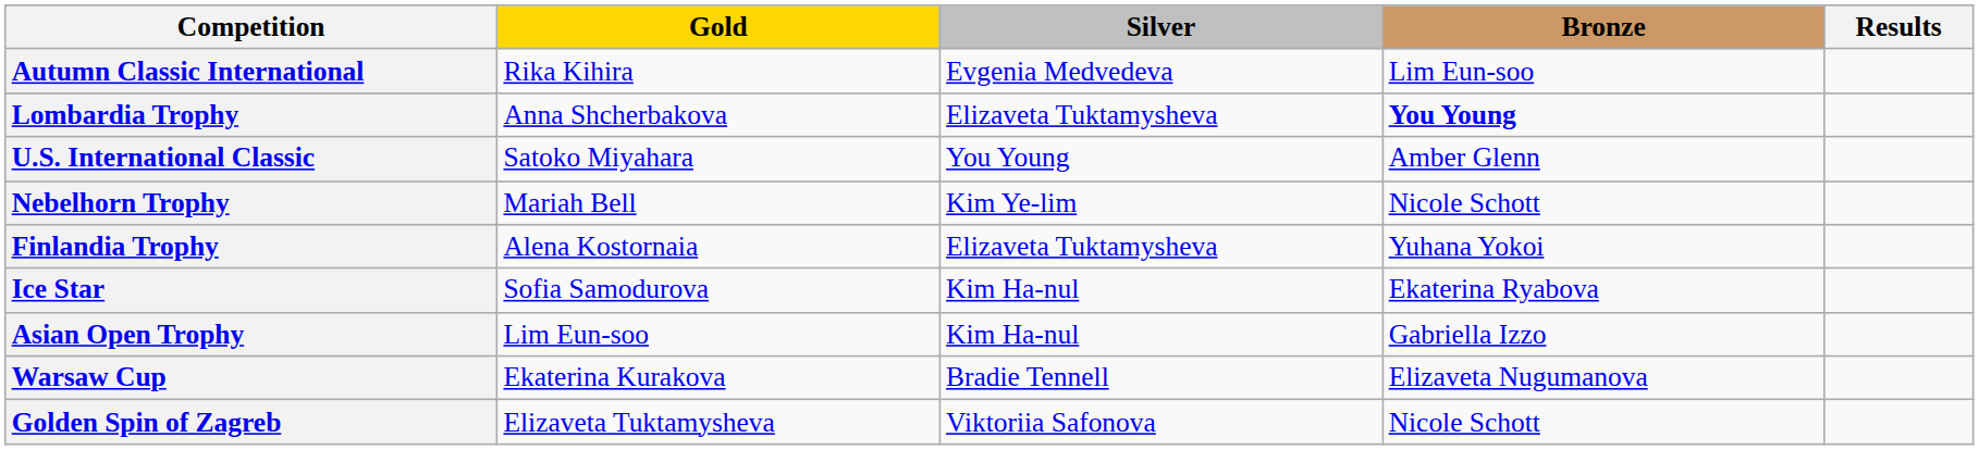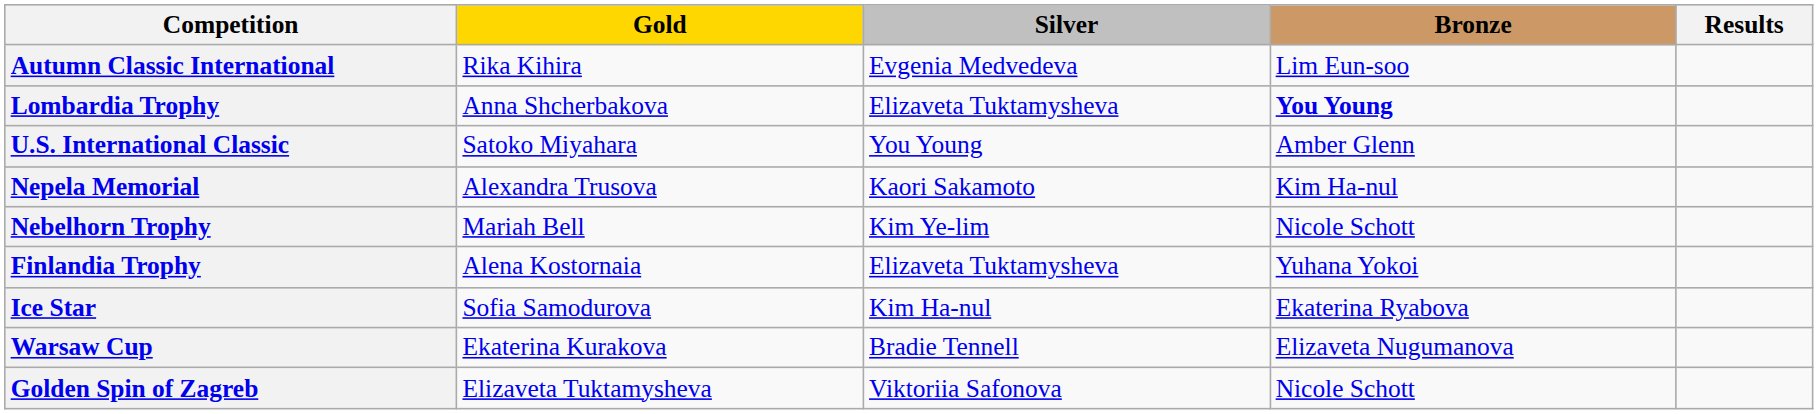 <table class="wikitable unsortable" style="text-align:left; width:90%;">
 <tr>
 <th scope="col" style="text-align:center; width:25%;">Competition</th>
 <td scope="col" style="text-align:center; width:22.5%; background:gold"><strong>Gold</strong></td>
 <td scope="col" style="text-align:center; width:22.5%; background:silver"><strong>Silver</strong></td>
 <td scope="col" style="text-align:center; width:22.5%; background:#c96"><strong>Bronze</strong></td>
 <th scope="col" style="text-align:center; width:7.5%;">Results</th>
 </tr>
 <tr>
 <th scope="row" style="text-align:left"> <a href='#'>Autumn Classic International</a></th>
 <td> <a href='#'>Rika Kihira</a></td>
 <td> <a href='#'>Evgenia Medvedeva</a></td>
 <td> <a href='#'>Lim Eun-soo</a></td>
 <td></td>
 </tr>
 <tr>
 <th scope="row" style="text-align:left"> <a href='#'>Lombardia Trophy</a></th>
 <td> <a href='#'>Anna Shcherbakova</a></td>
 <td> <a href='#'>Elizaveta Tuktamysheva</a></td>
 <td><strong> <a href='#'>You Young</a></strong></td>
 <td></td>
 </tr>
 <tr>
 <th scope="row" style="text-align:left"> <a href='#'>U.S. International Classic</a></th>
 <td> <a href='#'>Satoko Miyahara</a></td>
 <td> <a href='#'>You Young</a></td>
 <td> <a href='#'>Amber Glenn</a></td>
 <td></td>
 </tr>
 <tr>
+<th scope="row" style="text-align:left"> <a href='#'>Nepela Memorial</a></th>
+<td> <a href='#'>Alexandra Trusova</a></td>
+<td> <a href='#'>Kaori Sakamoto</a></td>
+<td> <a href='#'>Kim Ha-nul</a></td>
+<td></td>
+</tr>
+<tr>
 <th scope="row" style="text-align:left"> <a href='#'>Nebelhorn Trophy</a></th>
 <td> <a href='#'>Mariah Bell</a></td>
 <td> <a href='#'>Kim Ye-lim</a></td>
 <td> <a href='#'>Nicole Schott</a></td>
 <td></td>
 </tr>
 <tr>
 <th scope="row" style="text-align:left"> <a href='#'>Finlandia Trophy</a></th>
 <td> <a href='#'>Alena Kostornaia</a></td>
 <td> <a href='#'>Elizaveta Tuktamysheva</a></td>
 <td> <a href='#'>Yuhana Yokoi</a></td>
 <td></td>
 </tr>
 <tr>
 <th scope="row" style="text-align:left"> <a href='#'>Ice Star</a></th>
 <td> <a href='#'>Sofia Samodurova</a></td>
 <td> <a href='#'>Kim Ha-nul</a></td>
 <td> <a href='#'>Ekaterina Ryabova</a></td>
 <td></td>
 </tr>
 <tr>
-<th scope="row" style="text-align:left"> <a href='#'>Asian Open Trophy</a></th>
-<td> <a href='#'>Lim Eun-soo</a></td>
-<td> <a href='#'>Kim Ha-nul</a></td>
-<td> <a href='#'>Gabriella Izzo</a></td>
-<td></td>
-</tr>
-<tr>
 <th scope="row" style="text-align:left"> <a href='#'>Warsaw Cup</a></th>
 <td> <a href='#'>Ekaterina Kurakova</a></td>
 <td> <a href='#'>Bradie Tennell</a></td>
 <td> <a href='#'>Elizaveta Nugumanova</a></td>
 <td></td>
 </tr>
 <tr>
 <th scope="row" style="text-align:left"> <a href='#'>Golden Spin of Zagreb</a></th>
 <td> <a href='#'>Elizaveta Tuktamysheva</a></td>
 <td> <a href='#'>Viktoriia Safonova</a></td>
 <td> <a href='#'>Nicole Schott</a></td>
 <td></td>
 </tr>
 </table>
